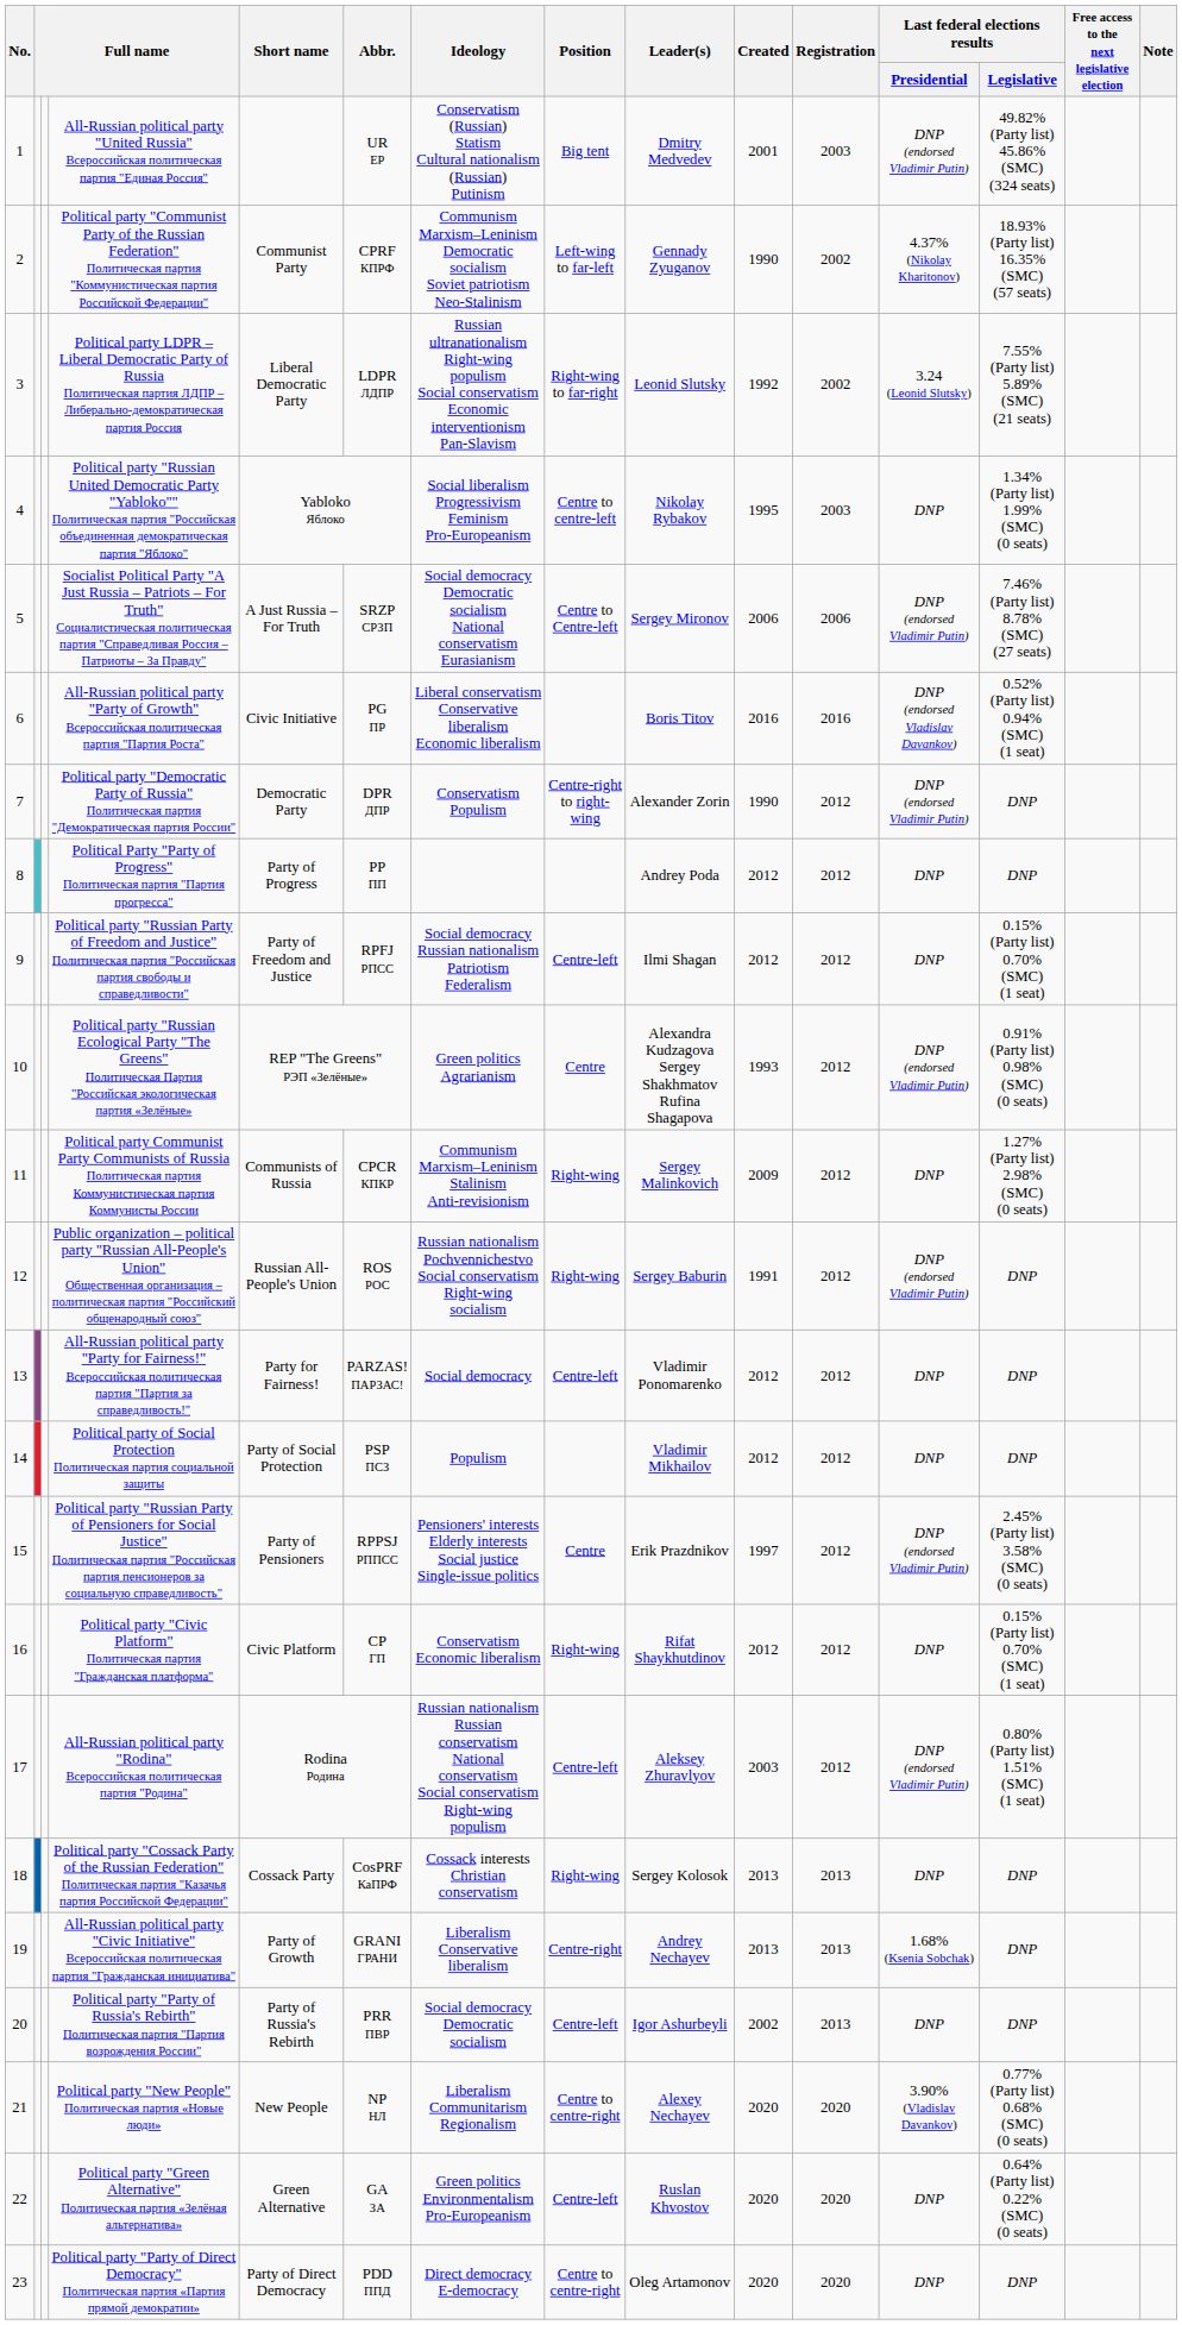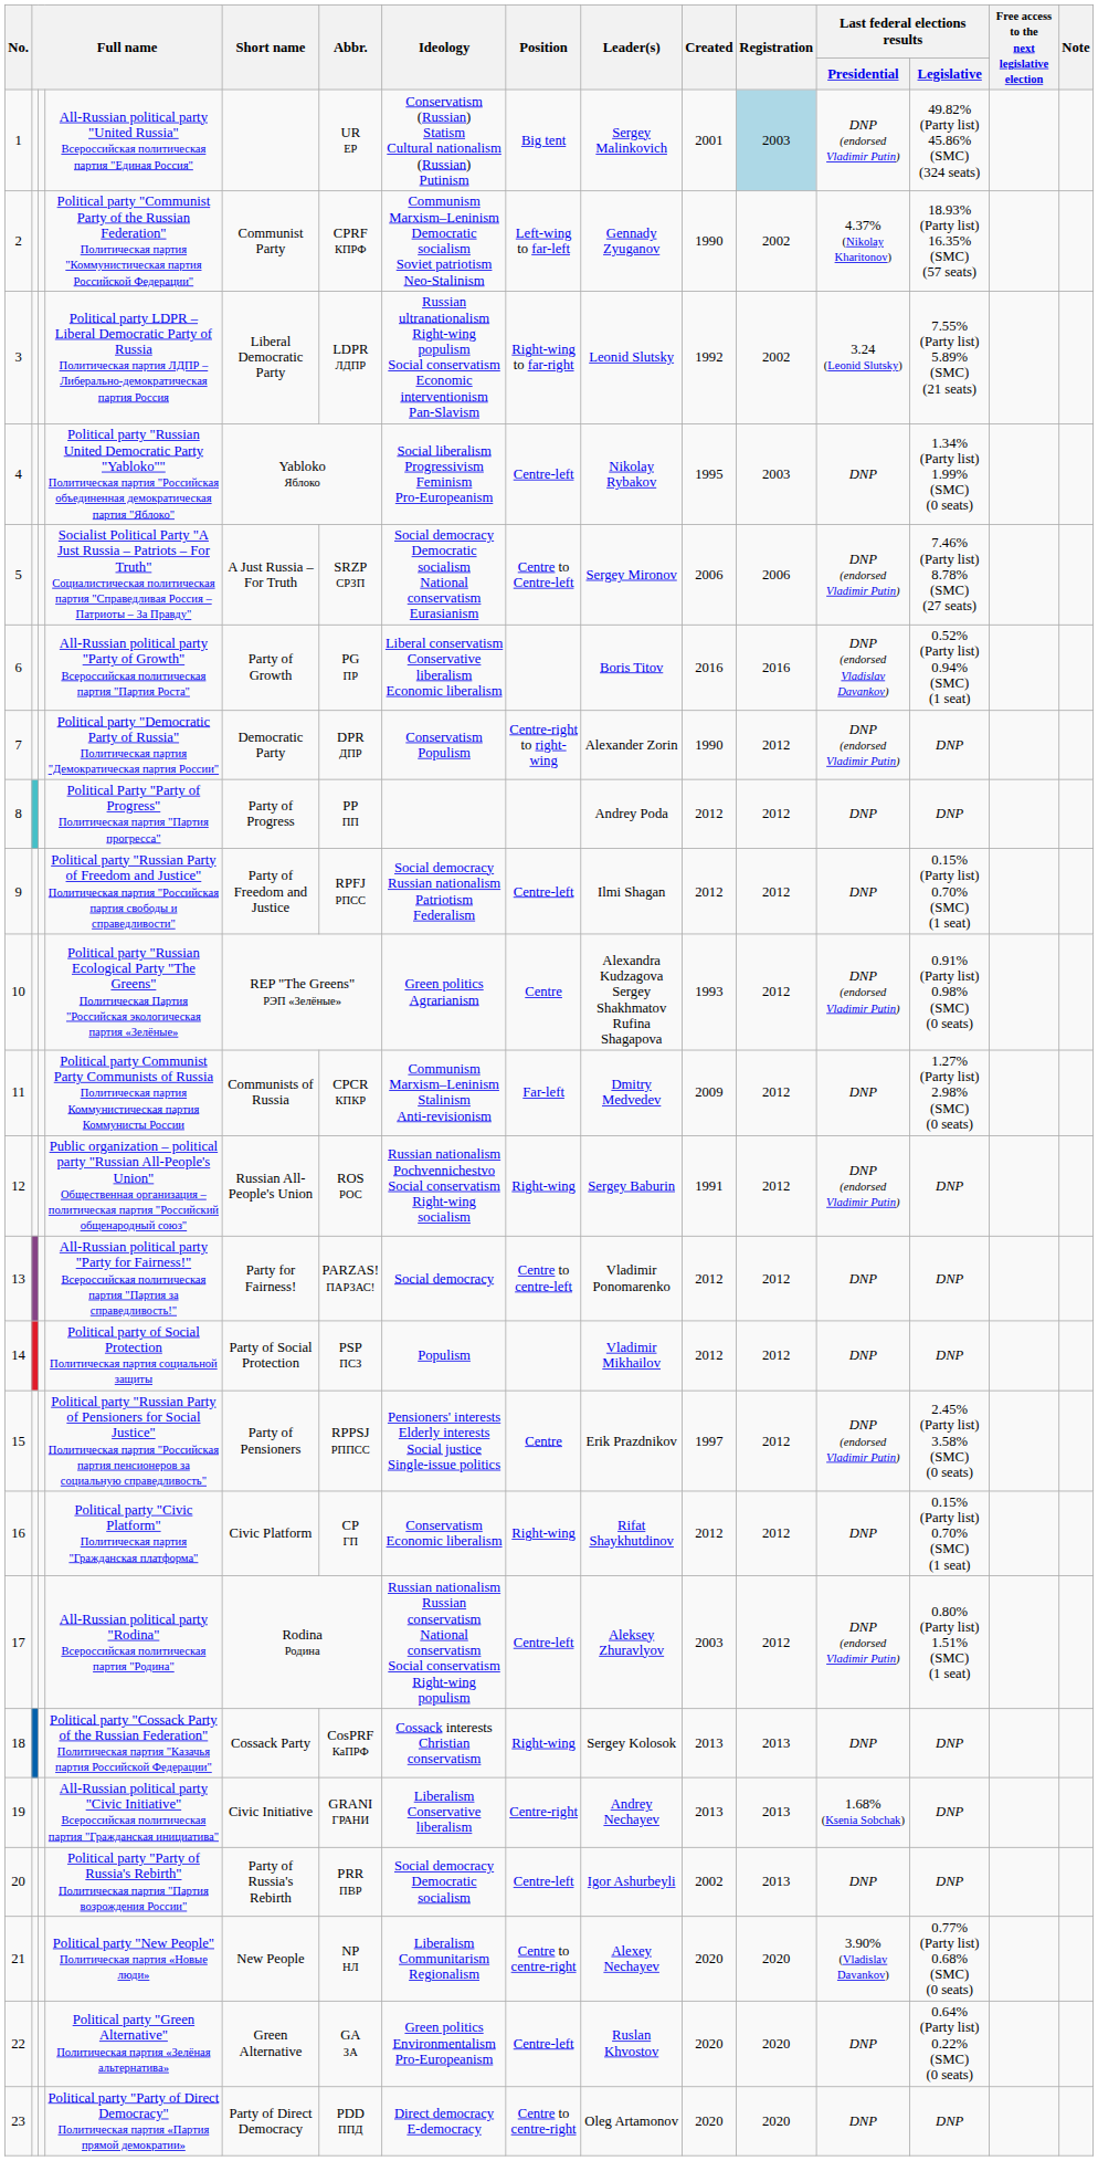 <table class=wikitable style="text-align:center; font-size:100%;">
 <tr>
 <th rowspan=2 class="unsortable">No.</th>
 <th colspan="3" rowspan="2">Full name</th>
 <th rowspan=2>Short name</th>
 <th rowspan=2>Abbr.</th>
 <th rowspan=2>Ideology</th>
 <th rowspan=2>Position</th>
 <th rowspan=2>Leader(s)</th>
 <th rowspan=2>Created</th>
 <th rowspan=2>Registration</th>
 <th colspan=2>Last federal elections results</th>
 <th rowspan=2><small>Free access to the<br><a href='#'>next legislative election</a></small></th>
 <th rowspan=2>Note</th>
 </tr>
 <tr>
 <th><a href='#'>Presidential</a></th>
 <th><a href='#'>Legislative</a></th>
 </tr>
 <tr>
 <td>1</td>
 <td style="background: "></td>
 <td></td>
 <td><a href='#'>All-Russian political party "United Russia"<br><small>Всероссийская политическая партия "Единая Россия"</small></a></td>
 <td></td>
 <td>UR<br><small>ЕР</small></td>
 <td><a href='#'>Conservatism</a> (<a href='#'>Russian</a>)<br><a href='#'>Statism</a><br><a href='#'>Cultural nationalism</a> (<a href='#'>Russian</a>)<br><a href='#'>Putinism</a></td>
 <td><a href='#'>Big tent</a></td>
-<td><a href='#'>Dmitry Medvedev</a></td>
+<td><a href='#'>Sergey Malinkovich</a></td>
 <td>2001</td>
-<td>2003</td>
+<td style="background: lightblue;">2003</td>
 <td><em>DNP</em><br><small><em>(endorsed <a href='#'>Vladimir Putin</a>)</em></small></td>
 <td>49.82% (Party list)<br>45.86% (SMC)<br>(324 seats)</td>
 <td><big></big></td>
 <td> <br><br></td>
 </tr>
 <tr>
 <td>2</td>
 <td style="background: "></td>
 <td></td>
 <td><a href='#'>Political party "Communist Party of the Russian Federation"<br><small>Политическая партия "Коммунистическая партия Российской Федерации"</small></a></td>
 <td>Communist Party</td>
 <td>CPRF<br><small>КПРФ</small></td>
 <td><a href='#'>Communism</a><br><a href='#'>Marxism–Leninism</a><br><a href='#'>Democratic socialism</a><br><a href='#'>Soviet patriotism</a><br><a href='#'>Neo-Stalinism</a></td>
 <td><a href='#'>Left-wing</a> to <a href='#'>far-left</a></td>
 <td><a href='#'>Gennady Zyuganov</a></td>
 <td>1990</td>
 <td>2002</td>
 <td>4.37%<br><small>(<a href='#'>Nikolay Kharitonov</a>)</small></td>
 <td>18.93% (Party list)<br>16.35% (SMC)<br>(57 seats)</td>
 <td><big></big></td>
 <td><br><br></td>
 </tr>
 <tr>
 <td>3</td>
 <td style="background: "></td>
 <td></td>
 <td><a href='#'>Political party LDPR – Liberal Democratic Party of Russia<br><small>Политическая партия ЛДПР – Либерально-демократическая партия Россия</small></a></td>
 <td>Liberal Democratic Party</td>
 <td>LDPR<br><small>ЛДПР</small></td>
 <td><a href='#'>Russian ultranationalism</a><br><a href='#'>Right-wing populism</a><br><a href='#'>Social conservatism</a><br><a href='#'>Economic interventionism</a><br><a href='#'>Pan-Slavism</a></td>
 <td><a href='#'>Right-wing</a> to <a href='#'>far-right</a></td>
 <td><a href='#'>Leonid Slutsky</a></td>
 <td>1992</td>
 <td>2002</td>
 <td>3.24<br><small>(<a href='#'>Leonid Slutsky</a>)</small></td>
 <td>7.55% (Party list)<br>5.89% (SMC)<br>(21 seats)</td>
 <td><big></big></td>
 <td><br><br></td>
 </tr>
 <tr>
 <td>4</td>
 <td style="background: "></td>
 <td></td>
 <td><a href='#'>Political party "Russian United Democratic Party "Yabloko""<br><small>Политическая партия "Российская объединенная демократическая партия "Яблоко"</small></a></td>
 <td colspan=2>Yabloko<br><small>Яблоко</small></td>
 <td><a href='#'>Social liberalism</a><br><a href='#'>Progressivism</a><br><a href='#'>Feminism</a><br><a href='#'>Pro-Europeanism</a></td>
-<td><a href='#'>Centre</a> to <a href='#'>centre-left</a></td>
+<td><a href='#'>Centre-left</a></td>
 <td><a href='#'>Nikolay Rybakov</a></td>
 <td>1995</td>
 <td>2003</td>
 <td><em>DNP</em></td>
 <td>1.34% (Party list)<br>1.99% (SMC)<br>(0 seats)</td>
 <td><big></big></td>
 <td><br><br></td>
 </tr>
 <tr>
 <td>5</td>
 <td style="background: "></td>
 <td></td>
 <td><a href='#'>Socialist Political Party "A Just Russia – Patriots – For Truth"<br><small>Социалистическая политическая партия "Справедливая Россия – Патриоты – За Правду"</small></a></td>
 <td>A Just Russia – For Truth</td>
 <td>SRZP<br><small>СРЗП</small></td>
 <td><a href='#'>Social democracy</a><br><a href='#'>Democratic socialism</a><br><a href='#'>National conservatism</a><br><a href='#'>Eurasianism</a></td>
 <td><a href='#'>Centre</a> to <a href='#'>Centre-left</a></td>
 <td><a href='#'>Sergey Mironov</a><br></td>
 <td>2006</td>
 <td>2006</td>
 <td><em>DNP</em><br><small><em>(endorsed <a href='#'>Vladimir Putin</a>)</em></small></td>
 <td>7.46% (Party list)<br>8.78% (SMC)<br>(27 seats)</td>
 <td><big></big></td>
 <td><br><br></td>
 </tr>
 <tr>
 <td>6</td>
 <td style="background: "></td>
 <td></td>
 <td><a href='#'>All-Russian political party "Party of Growth"<br><small>Всероссийская политическая партия "Партия Роста"</small></a></td>
-<td>Civic Initiative</td>
+<td>Party of Growth</td>
 <td>PG<br><small>ПР</small></td>
 <td><a href='#'>Liberal conservatism</a><br><a href='#'>Conservative liberalism</a><br><a href='#'>Economic liberalism</a></td>
 <td></td>
 <td><a href='#'>Boris Titov</a></td>
 <td>2016</td>
 <td>2016</td>
 <td><em>DNP</em><br><small><em>(endorsed <a href='#'>Vladislav Davankov</a>)</em></small></td>
 <td>0.52% (Party list)<br>0.94% (SMC)<br>(1 seat)</td>
 <td><big></big></td>
 <td><br><br></td>
 </tr>
 <tr>
 <td>7</td>
 <td style="background: "></td>
 <td></td>
 <td><a href='#'>Political party "Democratic Party of Russia"<br><small>Политическая партия "Демократическая партия России"</small></a></td>
 <td>Democratic Party</td>
 <td>DPR<br><small>ДПР</small></td>
 <td><a href='#'>Conservatism</a><br><a href='#'>Populism</a></td>
 <td><a href='#'>Centre-right</a> to <a href='#'>right-wing</a></td>
 <td>Alexander Zorin</td>
 <td>1990</td>
 <td>2012</td>
 <td><em>DNP</em><br><small><em>(endorsed <a href='#'>Vladimir Putin</a>)</em></small></td>
 <td><em>DNP</em></td>
 <td><big></big></td>
 <td> <br></td>
 </tr>
 <tr>
 <td>8</td>
 <td style="background: #45C0C8;"></td>
 <td></td>
 <td><a href='#'>Political Party "Party of Progress"<br><small>Политическая партия "Партия прогресса"</small></a></td>
 <td>Party of Progress</td>
 <td>PP<br><small>ПП</small></td>
 <td></td>
 <td></td>
 <td>Andrey Poda</td>
 <td>2012</td>
 <td>2012</td>
 <td><em>DNP</em></td>
 <td><em>DNP</em></td>
 <td><big></big></td>
 <td> <br></td>
 </tr>
 <tr>
 <td>9</td>
 <td style="background: "></td>
 <td></td>
 <td><a href='#'>Political party "Russian Party of Freedom and Justice"<br><small>Политическая партия "Российская партия свободы и справедливости"</small></a></td>
 <td>Party of Freedom and Justice</td>
 <td>RPFJ<br><small>РПСС</small></td>
 <td><a href='#'>Social democracy</a><br><a href='#'>Russian nationalism</a><br><a href='#'>Patriotism</a><br><a href='#'>Federalism</a></td>
 <td><a href='#'>Centre-left</a></td>
 <td>Ilmi Shagan</td>
 <td>2012</td>
 <td>2012</td>
 <td><em>DNP</em></td>
 <td>0.15% (Party list)<br>0.70% (SMC)<br>(1 seat)</td>
 <td><big></big></td>
 <td><br></td>
 </tr>
 <tr>
 <td>10</td>
 <td style="background: "></td>
 <td></td>
 <td><a href='#'>Political party "Russian Ecological Party "The Greens"<br><small>Политическая Партия "Российская экологическая партия «Зелёные»</small></a></td>
 <td colspan=2>REP "The Greens"<br><small>РЭП «Зелёные»</small></td>
 <td><a href='#'>Green politics</a><br><a href='#'>Agrarianism</a></td>
 <td><a href='#'>Centre</a></td>
 <td><br>Alexandra Kudzagova<br>Sergey Shakhmatov<br>Rufina Shagapova</td>
 <td>1993</td>
 <td>2012</td>
 <td><em>DNP</em><br><small><em>(endorsed <a href='#'>Vladimir Putin</a>)</em></small></td>
 <td>0.91% (Party list)<br>0.98% (SMC)<br>(0 seats)</td>
 <td><big></big></td>
 <td> <br><br></td>
 </tr>
 <tr>
 <td>11</td>
 <td style="background: "></td>
 <td></td>
 <td><a href='#'>Political party Communist Party Communists of Russia<br><small>Политическая партия Коммунистическая партия Коммунисты России</small></a></td>
 <td>Communists of Russia</td>
 <td>CPCR<br><small>КПКР</small></td>
 <td><a href='#'>Communism</a><br><a href='#'>Marxism–Leninism</a><br><a href='#'>Stalinism</a><br><a href='#'>Anti-revisionism</a></td>
-<td><a href='#'>Right-wing</a></td>
-<td><a href='#'>Sergey Malinkovich</a></td>
+<td><a href='#'>Far-left</a></td>
+<td><a href='#'>Dmitry Medvedev</a></td>
 <td>2009</td>
 <td>2012</td>
 <td><em>DNP</em></td>
 <td>1.27% (Party list)<br>2.98% (SMC)<br>(0 seats)</td>
 <td><big></big></td>
 <td><br><br></td>
 </tr>
 <tr>
 <td>12</td>
 <td style="background: "></td>
 <td></td>
 <td><a href='#'>Public organization – political party "Russian All-People's Union"<br><small>Общественная организация – политическая партия "Российский общенародный союз"</small></a></td>
 <td>Russian All-People's Union</td>
 <td>ROS<br><small>РОС</small></td>
 <td><a href='#'>Russian nationalism</a><br><a href='#'>Pochvennichestvo</a><br><a href='#'>Social conservatism</a><br><a href='#'>Right-wing socialism</a></td>
 <td><a href='#'>Right-wing</a></td>
 <td><a href='#'>Sergey Baburin</a></td>
 <td>1991</td>
 <td>2012</td>
 <td><em>DNP</em><br><small><em>(endorsed <a href='#'>Vladimir Putin</a>)</em></small></td>
 <td><em>DNP</em></td>
 <td><big></big></td>
 <td><br><br></td>
 </tr>
 <tr>
 <td>13</td>
 <td style="background: #864386;"></td>
 <td></td>
 <td><a href='#'>All-Russian political party "Party for Fairness!"<br><small>Всероссийская политическая партия "Партия за справедливость!"</small></a></td>
 <td>Party for Fairness!</td>
 <td>PARZAS!<br><small>ПАРЗАС!</small></td>
 <td><a href='#'>Social democracy</a></td>
-<td><a href='#'>Centre-left</a></td>
+<td><a href='#'>Centre</a> to <a href='#'>centre-left</a></td>
 <td>Vladimir Ponomarenko</td>
 <td>2012</td>
 <td>2012</td>
 <td><em>DNP</em></td>
 <td><em>DNP</em></td>
 <td><big></big></td>
 <td><br><br></td>
 </tr>
 <tr>
 <td>14</td>
 <td style="background: #E11B2A;"></td>
 <td></td>
 <td><a href='#'>Political party of Social Protection<br><small>Политическая партия социальной защиты</small></a></td>
 <td>Party of Social Protection</td>
 <td>PSP<br><small>ПСЗ</small></td>
 <td><a href='#'>Populism</a></td>
 <td></td>
 <td><a href='#'>Vladimir Mikhailov</a></td>
 <td>2012</td>
 <td>2012</td>
 <td><em>DNP</em></td>
 <td><em>DNP</em></td>
 <td><big></big></td>
 <td><br><br></td>
 </tr>
 <tr>
 <td>15</td>
 <td style="background: "></td>
 <td></td>
 <td><a href='#'>Political party "Russian Party of Pensioners for Social Justice"<br><small>Политическая партия "Российская партия пенсионеров за социальную справедливость"</small></a></td>
 <td>Party of Pensioners</td>
 <td>RPPSJ<br><small>РППСС</small></td>
 <td><a href='#'>Pensioners' interests</a><br><a href='#'>Elderly interests</a><br><a href='#'>Social justice</a><br><a href='#'>Single-issue politics</a></td>
 <td><a href='#'>Centre</a></td>
 <td>Erik Prazdnikov</td>
 <td>1997</td>
 <td>2012</td>
 <td><em>DNP</em><br><small><em>(endorsed <a href='#'>Vladimir Putin</a>)</em></small></td>
 <td>2.45% (Party list)<br>3.58% (SMC)<br>(0 seats)</td>
 <td><big></big></td>
 <td><br><br></td>
 </tr>
 <tr>
 <td>16</td>
 <td style="background: "></td>
 <td></td>
 <td><a href='#'>Political party "Civic Platform"<br><small>Политическая партия "Гражданская платформа"</small></a></td>
 <td>Civic Platform</td>
 <td>CP<br><small>ГП</small></td>
 <td><a href='#'>Conservatism</a><br><a href='#'>Economic liberalism</a></td>
 <td><a href='#'>Right-wing</a></td>
 <td><a href='#'>Rifat Shaykhutdinov</a></td>
 <td>2012</td>
 <td>2012</td>
 <td><em>DNP</em></td>
 <td>0.15% (Party list)<br>0.70% (SMC)<br>(1 seat)</td>
 <td><big></big></td>
 <td><br><br></td>
 </tr>
 <tr>
 <td>17</td>
 <td style="background: "></td>
 <td></td>
 <td><a href='#'>All-Russian political party "Rodina"<br><small>Всероссийская политическая партия "Родина"</small></a></td>
 <td colspan=2>Rodina<br><small>Родина</small></td>
 <td><a href='#'>Russian nationalism</a><br><a href='#'>Russian conservatism</a><br><a href='#'>National conservatism</a><br><a href='#'>Social conservatism</a><br><a href='#'>Right-wing populism</a></td>
 <td><a href='#'>Centre-left</a></td>
 <td><a href='#'>Aleksey Zhuravlyov</a></td>
 <td>2003</td>
 <td>2012</td>
 <td><em>DNP</em><br><small><em>(endorsed <a href='#'>Vladimir Putin</a>)</em></small></td>
 <td>0.80% (Party list)<br>1.51% (SMC)<br>(1 seat)</td>
 <td><big></big></td>
 <td><br><br></td>
 </tr>
 <tr>
 <td>18</td>
 <td style="background: #0061AC;"></td>
 <td></td>
 <td><a href='#'>Political party "Cossack Party of the Russian Federation"<br><small>Политическая партия "Казачья партия Российской Федерации"</small></a></td>
 <td>Cossack Party</td>
 <td>CosPRF<br><small>КаПРФ</small></td>
 <td><a href='#'>Cossack</a> interests<br><a href='#'>Christian conservatism</a></td>
 <td><a href='#'>Right-wing</a></td>
 <td>Sergey Kolosok</td>
 <td>2013</td>
 <td>2013</td>
 <td><em>DNP</em></td>
 <td><em>DNP</em></td>
 <td><big></big></td>
 <td><br><br></td>
 </tr>
 <tr>
 <td>19</td>
 <td style="background: "></td>
 <td></td>
 <td><a href='#'>All-Russian political party "Civic Initiative"<br><small>Всероссийская политическая партия "Гражданская инициатива"</small></a></td>
-<td>Party of Growth</td>
+<td>Civic Initiative</td>
 <td>GRANI<br><small>ГРАНИ</small></td>
 <td><a href='#'>Liberalism</a><br><a href='#'>Conservative liberalism</a></td>
 <td><a href='#'>Centre-right</a></td>
 <td><a href='#'>Andrey Nechayev</a></td>
 <td>2013</td>
 <td>2013</td>
 <td>1.68%<br><small>(<a href='#'>Ksenia Sobchak</a>)</small></td>
 <td><em>DNP</em></td>
 <td><big></big></td>
 <td><br><br></td>
 </tr>
 <tr>
 <td>20</td>
 <td style="background: "></td>
 <td></td>
 <td><a href='#'>Political party "Party of Russia's Rebirth"<br><small>Политическая партия "Партия возрождения России"</small></a></td>
 <td>Party of Russia's Rebirth</td>
 <td>PRR<br><small>ПВР</small></td>
 <td><a href='#'>Social democracy</a><br><a href='#'>Democratic socialism</a></td>
 <td><a href='#'>Centre-left</a></td>
 <td><a href='#'>Igor Ashurbeyli</a></td>
 <td>2002</td>
 <td>2013</td>
 <td><em>DNP</em></td>
 <td><em>DNP</em></td>
 <td><big></big></td>
 <td><br><br></td>
 </tr>
 <tr>
 <td>21</td>
 <td style="background: "></td>
 <td></td>
 <td><a href='#'>Political party "New People"<br><small>Политическая партия «Новые люди»</small></a></td>
 <td>New People</td>
 <td>NP<br><small>НЛ</small></td>
 <td><a href='#'>Liberalism</a><br><a href='#'>Communitarism</a><br><a href='#'>Regionalism</a></td>
 <td><a href='#'>Centre</a> to <a href='#'>centre-right</a></td>
 <td><a href='#'>Alexey Nechayev</a></td>
 <td>2020</td>
 <td>2020</td>
 <td>3.90%<br><small>(<a href='#'>Vladislav Davankov</a>)</small></td>
 <td>0.77% (Party list)<br>0.68% (SMC)<br>(0 seats)</td>
 <td><big></big></td>
 <td> <br><br></td>
 </tr>
 <tr>
 <td>22</td>
 <td style="background: "></td>
 <td></td>
 <td><a href='#'>Political party "Green Alternative"<br><small>Политическая партия «Зелёная альтернатива»</small></a></td>
 <td>Green Alternative</td>
 <td>GA<br><small>ЗА</small></td>
 <td><a href='#'>Green politics</a><br><a href='#'>Environmentalism</a><br><a href='#'>Pro-Europeanism</a></td>
 <td><a href='#'>Centre-left</a></td>
 <td><a href='#'>Ruslan Khvostov</a></td>
 <td>2020</td>
 <td>2020</td>
 <td><em>DNP</em></td>
 <td>0.64% (Party list)<br>0.22% (SMC)<br>(0 seats)</td>
 <td><big></big></td>
 <td><br><br></td>
 </tr>
 <tr>
 <td>23</td>
 <td style="background: "></td>
 <td></td>
 <td><a href='#'>Political party "Party of Direct Democracy"<br><small>Политическая партия «Партия прямой демократии»</small></a></td>
 <td>Party of Direct Democracy</td>
 <td>PDD<br><small>ППД</small></td>
 <td><a href='#'>Direct democracy</a><br><a href='#'>E-democracy</a></td>
 <td><a href='#'>Centre</a> to <a href='#'>centre-right</a></td>
 <td>Oleg Artamonov</td>
 <td>2020</td>
 <td>2020</td>
 <td><em>DNP</em></td>
 <td><em>DNP</em></td>
 <td><big></big></td>
 <td> <br><br></td>
 </tr>
 </table>
